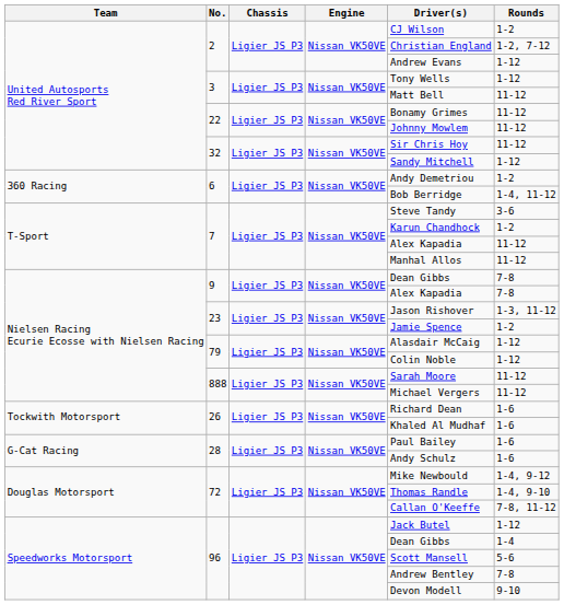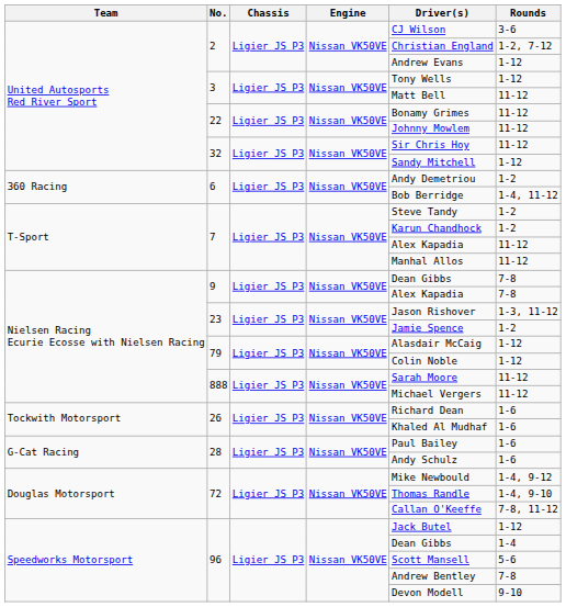 <table class="wikitable" style="font-size: 85%;">
 <tr>
 <th>Team</th>
 <th>No.</th>
 <th>Chassis</th>
 <th>Engine</th>
 <th>Driver(s)</th>
 <th>Rounds</th>
 </tr>
 <tr>
 <td rowspan=9> <a href='#'>United Autosports</a><br> <a href='#'>Red River Sport</a></td>
 <td rowspan=3>2</td>
 <td rowspan=3><a href='#'>Ligier JS P3</a></td>
 <td rowspan=3><a href='#'>Nissan VK50VE</a></td>
 <td> <a href='#'>CJ Wilson</a></td>
-<td>1-2</td>
+<td>3-6</td>
 </tr>
 <tr>
 <td> <a href='#'>Christian England</a></td>
 <td>1-2, 7-12</td>
 </tr>
 <tr>
 <td> Andrew Evans</td>
 <td>1-12</td>
 </tr>
 <tr>
 <td rowspan=2>3</td>
 <td rowspan=2><a href='#'>Ligier JS P3</a></td>
 <td rowspan=2><a href='#'>Nissan VK50VE</a></td>
 <td> Tony Wells</td>
 <td>1-12</td>
 </tr>
 <tr>
 <td> Matt Bell</td>
 <td>11-12</td>
 </tr>
 <tr>
 <td rowspan=2>22</td>
 <td rowspan=2><a href='#'>Ligier JS P3</a></td>
 <td rowspan=2><a href='#'>Nissan VK50VE</a></td>
 <td> Bonamy Grimes</td>
 <td>11-12</td>
 </tr>
 <tr>
 <td> <a href='#'>Johnny Mowlem</a></td>
 <td>11-12</td>
 </tr>
 <tr>
 <td rowspan=2>32</td>
 <td rowspan=2><a href='#'>Ligier JS P3</a></td>
 <td rowspan=2><a href='#'>Nissan VK50VE</a></td>
 <td> <a href='#'>Sir Chris Hoy</a></td>
 <td>11-12</td>
 </tr>
 <tr>
 <td> <a href='#'>Sandy Mitchell</a></td>
 <td>1-12</td>
 </tr>
 <tr>
 <td rowspan=2> 360 Racing</td>
 <td rowspan=2>6</td>
 <td rowspan=2><a href='#'>Ligier JS P3</a></td>
 <td rowspan=2><a href='#'>Nissan VK50VE</a></td>
 <td> Andy Demetriou</td>
 <td>1-2</td>
 </tr>
 <tr>
 <td> Bob Berridge</td>
 <td>1-4, 11-12</td>
 </tr>
 <tr>
 <td rowspan="4"> T-Sport</td>
 <td rowspan="4">7</td>
 <td rowspan="4"><a href='#'>Ligier JS P3</a></td>
 <td rowspan="4"><a href='#'>Nissan VK50VE</a></td>
 <td> Steve Tandy</td>
-<td>3-6</td>
+<td>1-2</td>
 </tr>
 <tr>
 <td> <a href='#'>Karun Chandhock</a></td>
 <td>1-2</td>
 </tr>
 <tr>
 <td> Alex Kapadia</td>
 <td>11-12</td>
 </tr>
 <tr>
 <td> Manhal Allos</td>
 <td>11-12</td>
 </tr>
 <tr>
 <td rowspan=8> Nielsen Racing<br> Ecurie Ecosse with Nielsen Racing</td>
 <td rowspan=2>9</td>
 <td rowspan=2><a href='#'>Ligier JS P3</a></td>
 <td rowspan=2><a href='#'>Nissan VK50VE</a></td>
 <td> Dean Gibbs</td>
 <td>7-8</td>
 </tr>
 <tr>
 <td> Alex Kapadia</td>
 <td>7-8</td>
 </tr>
 <tr>
 <td rowspan=2>23</td>
 <td rowspan=2><a href='#'>Ligier JS P3</a></td>
 <td rowspan=2><a href='#'>Nissan VK50VE</a></td>
 <td> Jason Rishover</td>
 <td>1-3, 11-12</td>
 </tr>
 <tr>
 <td> <a href='#'>Jamie Spence</a></td>
 <td>1-2</td>
 </tr>
 <tr>
 <td rowspan=2>79</td>
 <td rowspan=2><a href='#'>Ligier JS P3</a></td>
 <td rowspan=2><a href='#'>Nissan VK50VE</a></td>
 <td> Alasdair McCaig</td>
 <td>1-12</td>
 </tr>
 <tr>
 <td> Colin Noble</td>
 <td>1-12</td>
 </tr>
 <tr>
 <td rowspan=2>888</td>
 <td rowspan=2><a href='#'>Ligier JS P3</a></td>
 <td rowspan=2><a href='#'>Nissan VK50VE</a></td>
 <td> <a href='#'>Sarah Moore</a></td>
 <td>11-12</td>
 </tr>
 <tr>
 <td> Michael Vergers</td>
 <td>11-12</td>
 </tr>
 <tr>
 <td rowspan=2> Tockwith Motorsport</td>
 <td rowspan=2>26</td>
 <td rowspan=2><a href='#'>Ligier JS P3</a></td>
 <td rowspan=2><a href='#'>Nissan VK50VE</a></td>
 <td> Richard Dean</td>
 <td>1-6</td>
 </tr>
 <tr>
 <td> Khaled Al Mudhaf</td>
 <td>1-6</td>
 </tr>
 <tr>
 <td rowspan=2> G-Cat Racing</td>
 <td rowspan=2>28</td>
 <td rowspan=2><a href='#'>Ligier JS P3</a></td>
 <td rowspan=2><a href='#'>Nissan VK50VE</a></td>
 <td> Paul Bailey</td>
 <td>1-6</td>
 </tr>
 <tr>
 <td> Andy Schulz</td>
 <td>1-6</td>
 </tr>
 <tr>
 <td rowspan=3> Douglas Motorsport</td>
 <td rowspan=3>72</td>
 <td rowspan=3><a href='#'>Ligier JS P3</a></td>
 <td rowspan=3><a href='#'>Nissan VK50VE</a></td>
 <td> Mike Newbould</td>
 <td>1-4, 9-12</td>
 </tr>
 <tr>
 <td> <a href='#'>Thomas Randle</a></td>
 <td>1-4, 9-10</td>
 </tr>
 <tr>
 <td> <a href='#'>Callan O'Keeffe</a></td>
 <td>7-8, 11-12</td>
 </tr>
 <tr>
 <td rowspan=5> <a href='#'>Speedworks Motorsport</a></td>
 <td rowspan=5>96</td>
 <td rowspan=5><a href='#'>Ligier JS P3</a></td>
 <td rowspan=5><a href='#'>Nissan VK50VE</a></td>
 <td> <a href='#'>Jack Butel</a></td>
 <td>1-12</td>
 </tr>
 <tr>
 <td> Dean Gibbs</td>
 <td>1-4</td>
 </tr>
 <tr>
 <td> <a href='#'>Scott Mansell</a></td>
 <td>5-6</td>
 </tr>
 <tr>
 <td> Andrew Bentley</td>
 <td>7-8</td>
 </tr>
 <tr>
 <td> Devon Modell</td>
 <td>9-10</td>
 </tr>
 </table>
